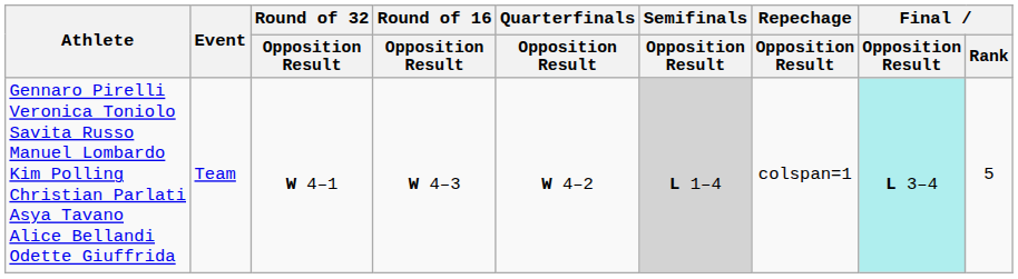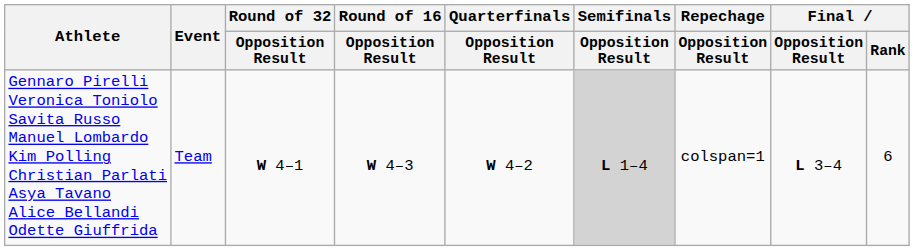 <table class="wikitable" style="font-size:90%">
 <tr>
 <th rowspan="2">Athlete</th>
 <th rowspan="2">Event</th>
 <th>Round of 32</th>
 <th>Round of 16</th>
 <th>Quarterfinals</th>
 <th>Semifinals</th>
 <th>Repechage</th>
 <th colspan=2>Final / </th>
 </tr>
 <tr style="font-size:95%">
 <th>Opposition<br>Result</th>
 <th>Opposition<br>Result</th>
 <th>Opposition<br>Result</th>
 <th>Opposition<br>Result</th>
 <th>Opposition<br>Result</th>
 <th>Opposition<br>Result</th>
 <th>Rank</th>
 </tr>
 <tr align=center>
 <td align=left><a href='#'>Gennaro Pirelli</a><br><a href='#'>Veronica Toniolo</a><br><a href='#'>Savita Russo</a><br><a href='#'>Manuel Lombardo</a><br><a href='#'>Kim Polling</a><br><a href='#'>Christian Parlati</a><br><a href='#'>Asya Tavano</a><br><a href='#'>Alice Bellandi</a><br><a href='#'>Odette Giuffrida</a></td>
 <td align=left><a href='#'>Team</a></td>
 <td><br><strong>W</strong> 4–1</td>
 <td><br><strong>W</strong> 4–3</td>
 <td><br><strong>W</strong> 4–2</td>
 <td style="background: lightgrey;"><br><strong>L</strong> 1–4</td>
 <td>colspan=1 </td>
-<td style="background: paleturquoise;"><br><strong>L</strong> 3–4</td>
-<td>5</td>
+<td><br><strong>L</strong> 3–4</td>
+<td>6</td>
 </tr>
 </table>
